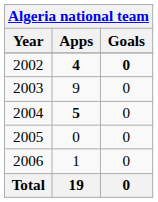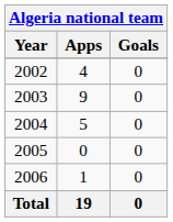 <table class="wikitable" style="text-align:center">
 <tr>
 <th colspan=3><a href='#'>Algeria national team</a></th>
 </tr>
 <tr>
 <th>Year</th>
 <th>Apps</th>
 <th>Goals</th>
 </tr>
 <tr>
 </tr>
 <tr>
 <td>2002</td>
-<td><strong>4</strong></td>
-<td><strong>0</strong></td>
+<td>4</td>
+<td>0</td>
 </tr>
 <tr>
 <td>2003</td>
 <td>9</td>
 <td>0</td>
 </tr>
 <tr>
 <td>2004</td>
-<td><strong>5</strong></td>
+<td>5</td>
 <td>0</td>
 </tr>
 <tr>
 <td>2005</td>
 <td>0</td>
 <td>0</td>
 </tr>
 <tr>
 <td>2006</td>
 <td>1</td>
 <td>0</td>
 </tr>
 <tr>
 <th>Total</th>
 <th>19</th>
 <th>0</th>
 </tr>
 </table>
